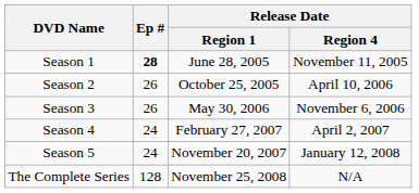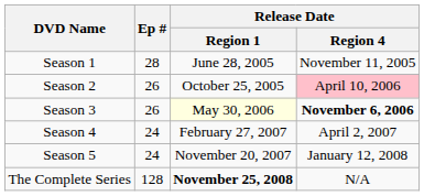 <table class="wikitable" style="text-align:center">
 <tr>
 <th rowspan="2">DVD Name</th>
 <th rowspan="2">Ep #</th>
 <th colspan="2">Release Date</th>
 </tr>
 <tr>
 <th>Region 1</th>
 <th>Region 4</th>
 </tr>
 <tr>
 <td>Season 1</td>
-<td style="text-align:center;"><strong>28</strong></td>
+<td style="text-align:center;">28</td>
 <td>June 28, 2005</td>
 <td>November 11, 2005</td>
 </tr>
 <tr>
 <td>Season 2</td>
 <td style="text-align:center;">26</td>
 <td>October 25, 2005</td>
-<td>April 10, 2006</td>
+<td style="background: pink;">April 10, 2006</td>
 </tr>
 <tr>
 <td>Season 3</td>
 <td style="text-align:center;">26</td>
-<td>May 30, 2006</td>
-<td>November 6, 2006</td>
+<td style="background: lightyellow;">May 30, 2006</td>
+<td><strong>November 6, 2006</strong></td>
 </tr>
 <tr>
 <td>Season 4</td>
 <td style="text-align:center;">24</td>
 <td>February 27, 2007</td>
 <td>April 2, 2007</td>
 </tr>
 <tr>
 <td>Season 5</td>
 <td style="text-align:center;">24</td>
 <td>November 20, 2007</td>
 <td>January 12, 2008</td>
 </tr>
 <tr>
 <td>The Complete Series</td>
 <td style="text-align:center;">128</td>
-<td>November 25, 2008</td>
+<td><strong>November 25, 2008</strong></td>
 <td>N/A</td>
 </tr>
 </table>
